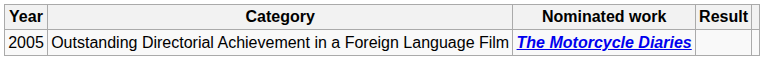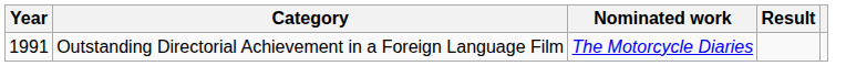 <table class="wikitable sortable">
 <tr>
 <th>Year</th>
 <th>Category</th>
 <th>Nominated work</th>
 <th>Result</th>
 <th class="unsortable"></th>
 </tr>
 <tr>
-<td>2005</td>
+<td>1991</td>
 <td>Outstanding Directorial Achievement in a Foreign Language Film</td>
-<td><strong><em><a href='#'>The Motorcycle Diaries</a></em></strong></td>
+<td><em><a href='#'>The Motorcycle Diaries</a></em></td>
 <td></td>
 <td></td>
 </tr>
 </table>
